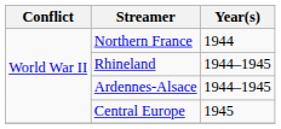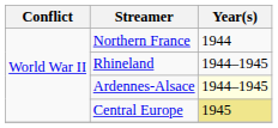 <table class=wikitable>
 <tr style="background:#efefef;">
 <th>Conflict</th>
 <th>Streamer</th>
 <th>Year(s)</th>
 </tr>
 <tr>
 <td rowspan="4"><a href='#'>World War II</a> <br> <br> </td>
 <td><a href='#'>Northern France</a></td>
 <td>1944</td>
 </tr>
 <tr>
 <td><a href='#'>Rhineland</a></td>
 <td>1944–1945</td>
 </tr>
 <tr>
 <td><a href='#'>Ardennes-Alsace</a></td>
-<td>1944–1945</td>
+<td style="background: lightyellow;">1944–1945</td>
 </tr>
 <tr>
 <td><a href='#'>Central Europe</a></td>
-<td>1945</td>
+<td style="background: khaki;">1945</td>
 </tr>
 <tr>
 </tr>
 </table>
